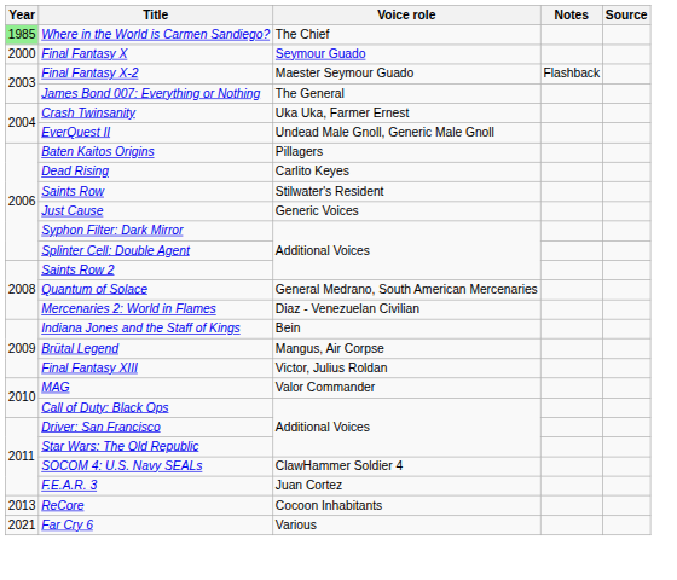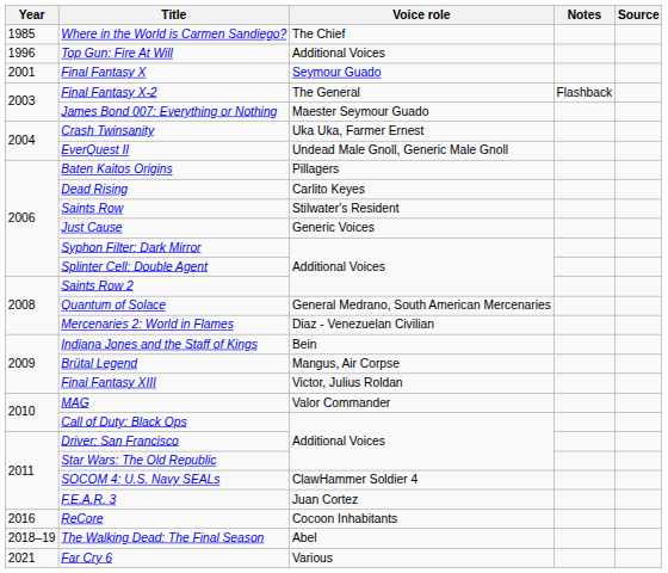 <table class="wikitable sortable">
 <tr>
 <th>Year</th>
 <th>Title</th>
 <th>Voice role</th>
 <th>Notes</th>
 <th>Source</th>
 </tr>
 <tr>
-<td style="background: lightgreen;">1985</td>
+<td>1985</td>
 <td><em><a href='#'>Where in the World is Carmen Sandiego?</a></em></td>
 <td>The Chief</td>
 <td></td>
 <td></td>
 </tr>
 <tr>
-<td>2000</td>
+<td>1996</td>
+<td><em><a href='#'>Top Gun: Fire At Will</a></em></td>
+<td>Additional Voices</td>
+<td></td>
+<td></td>
+</tr>
+<tr>
+<td>2001</td>
 <td><em><a href='#'>Final Fantasy X</a></em></td>
 <td><a href='#'>Seymour Guado</a></td>
 <td></td>
 <td></td>
 </tr>
 <tr>
 <td rowspan = "2">2003</td>
 <td><em><a href='#'>Final Fantasy X-2</a></em></td>
-<td>Maester Seymour Guado</td>
+<td>The General</td>
 <td>Flashback</td>
 <td></td>
 </tr>
 <tr>
 <td><em><a href='#'>James Bond 007: Everything or Nothing</a></em></td>
-<td>The General</td>
+<td>Maester Seymour Guado</td>
 <td></td>
 <td></td>
 </tr>
 <tr>
 <td rowspan = "2">2004</td>
 <td><em><a href='#'>Crash Twinsanity</a></em></td>
 <td>Uka Uka, Farmer Ernest</td>
 <td></td>
 <td></td>
 </tr>
 <tr>
 <td><em><a href='#'>EverQuest II</a></em></td>
 <td>Undead Male Gnoll, Generic Male Gnoll</td>
 <td></td>
 <td></td>
 </tr>
 <tr>
 <td rowspan = "6">2006</td>
 <td><em><a href='#'>Baten Kaitos Origins</a></em></td>
 <td>Pillagers</td>
 <td></td>
 <td></td>
 </tr>
 <tr>
 <td><em><a href='#'>Dead Rising</a></em></td>
 <td>Carlito Keyes</td>
 <td></td>
 <td></td>
 </tr>
 <tr>
 <td><em><a href='#'>Saints Row</a></em></td>
 <td>Stilwater's Resident</td>
 <td></td>
 <td></td>
 </tr>
 <tr>
 <td><em><a href='#'>Just Cause</a></em></td>
 <td>Generic Voices</td>
 <td></td>
 <td></td>
 </tr>
 <tr>
 <td><em><a href='#'>Syphon Filter: Dark Mirror</a></em></td>
 <td rowspan = "3">Additional Voices</td>
 <td></td>
 <td></td>
 </tr>
 <tr>
 <td><em><a href='#'>Splinter Cell: Double Agent</a></em></td>
 <td></td>
 <td></td>
 </tr>
 <tr>
 <td rowspan = "3">2008</td>
 <td><em><a href='#'>Saints Row 2</a></em></td>
 <td></td>
 <td></td>
 </tr>
 <tr>
 <td><em><a href='#'>Quantum of Solace</a></em></td>
 <td>General Medrano, South American Mercenaries</td>
 <td></td>
 <td></td>
 </tr>
 <tr>
 <td><em><a href='#'>Mercenaries 2: World in Flames</a></em></td>
 <td>Diaz - Venezuelan Civilian</td>
 <td></td>
 <td></td>
 </tr>
 <tr>
 <td rowspan = "3">2009</td>
 <td><em><a href='#'>Indiana Jones and the Staff of Kings</a></em></td>
 <td>Bein</td>
 <td></td>
 <td></td>
 </tr>
 <tr>
 <td><em><a href='#'>Brütal Legend</a></em></td>
 <td>Mangus, Air Corpse</td>
 <td></td>
 <td></td>
 </tr>
 <tr>
 <td><em><a href='#'>Final Fantasy XIII</a></em></td>
 <td>Victor, Julius Roldan</td>
 <td></td>
 <td></td>
 </tr>
 <tr>
 <td rowspan = "2">2010</td>
 <td><em><a href='#'>MAG</a></em></td>
 <td>Valor Commander</td>
 <td></td>
 <td></td>
 </tr>
 <tr>
 <td><em><a href='#'>Call of Duty: Black Ops</a></em></td>
 <td rowspan = "3">Additional Voices</td>
 <td></td>
 <td></td>
 </tr>
 <tr>
 <td rowspan = "4">2011</td>
 <td><em><a href='#'>Driver: San Francisco</a></em></td>
 <td></td>
 <td></td>
 </tr>
 <tr>
 <td><em><a href='#'>Star Wars: The Old Republic</a></em></td>
 <td></td>
 <td></td>
 </tr>
 <tr>
 <td><em><a href='#'>SOCOM 4: U.S. Navy SEALs</a></em></td>
 <td>ClawHammer Soldier 4</td>
 <td></td>
 <td></td>
 </tr>
 <tr>
 <td><em><a href='#'>F.E.A.R. 3</a></em></td>
 <td>Juan Cortez</td>
 <td></td>
 <td></td>
 </tr>
 <tr>
-<td>2013</td>
+<td>2016</td>
 <td><em><a href='#'>ReCore</a></em></td>
 <td>Cocoon Inhabitants</td>
+<td></td>
+<td></td>
+</tr>
+<tr>
+<td>2018–19</td>
+<td><em><a href='#'>The Walking Dead: The Final Season</a></em></td>
+<td>Abel</td>
 <td></td>
 <td></td>
 </tr>
 <tr>
 <td>2021</td>
 <td><em><a href='#'>Far Cry 6</a></em></td>
 <td>Various</td>
 <td></td>
 <td></td>
 </tr>
 </table>
